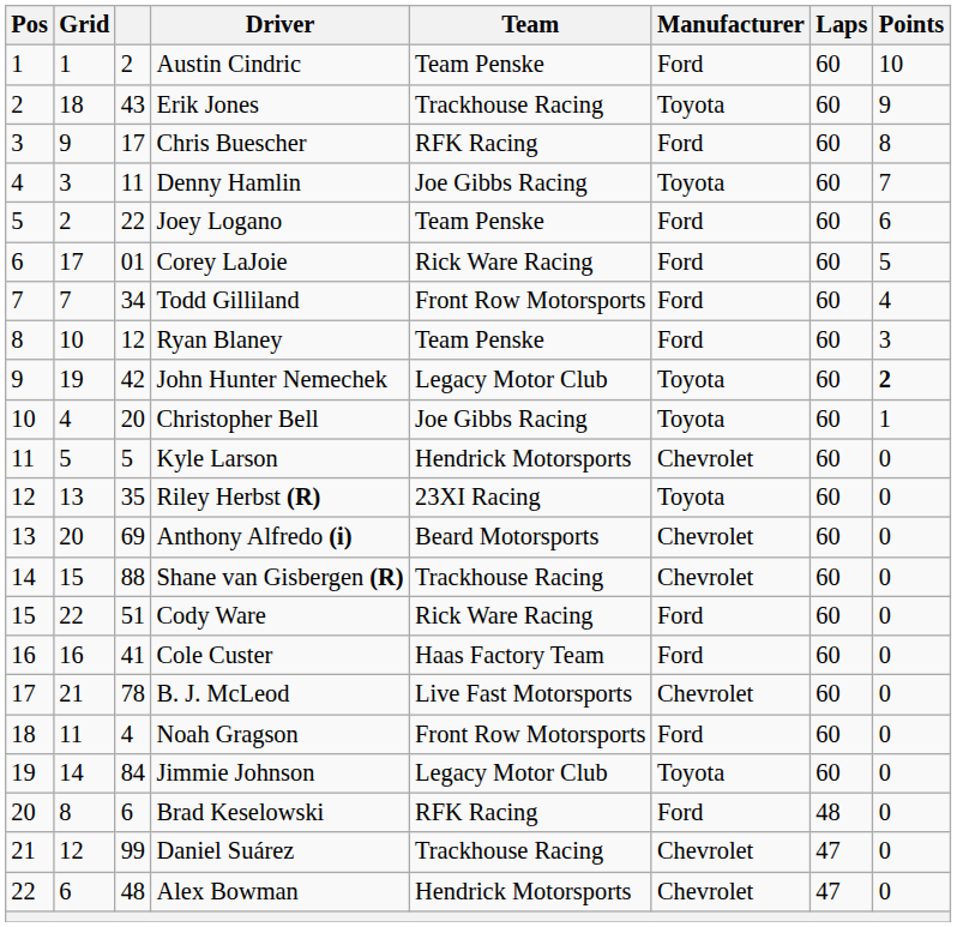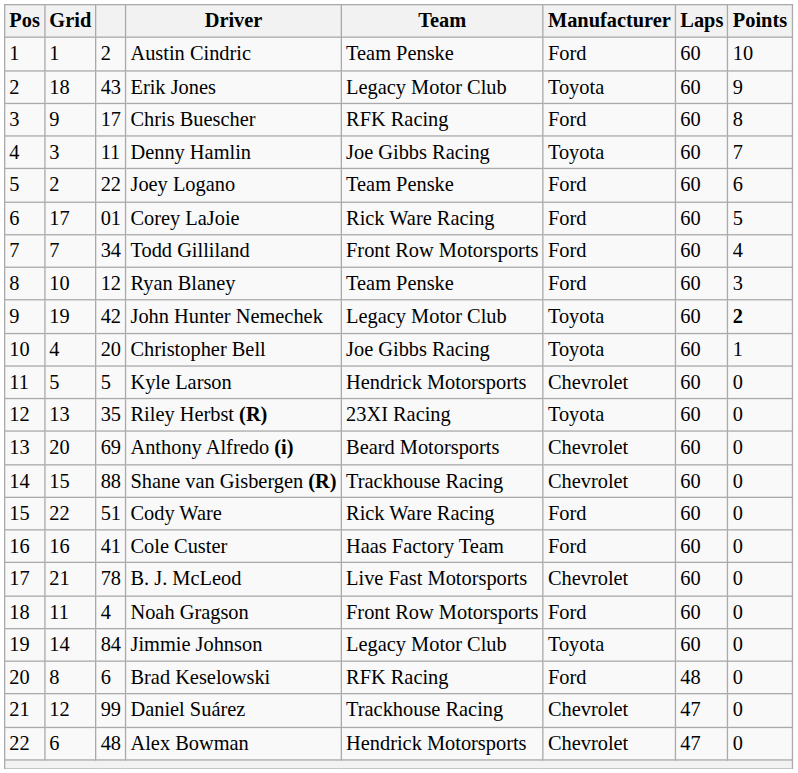 <table class="wikitable" style="font-size:98%">
 <tr>
 <th>Pos</th>
 <th>Grid</th>
 <th></th>
 <th>Driver</th>
 <th>Team</th>
 <th>Manufacturer</th>
 <th>Laps</th>
 <th>Points</th>
 </tr>
 <tr>
 <td>1</td>
 <td>1</td>
 <td>2</td>
 <td>Austin Cindric</td>
 <td>Team Penske</td>
 <td>Ford</td>
 <td>60</td>
 <td>10</td>
 </tr>
 <tr>
 <td>2</td>
 <td>18</td>
 <td>43</td>
 <td>Erik Jones</td>
-<td>Trackhouse Racing</td>
+<td>Legacy Motor Club</td>
 <td>Toyota</td>
 <td>60</td>
 <td>9</td>
 </tr>
 <tr>
 <td>3</td>
 <td>9</td>
 <td>17</td>
 <td>Chris Buescher</td>
 <td>RFK Racing</td>
 <td>Ford</td>
 <td>60</td>
 <td>8</td>
 </tr>
 <tr>
 <td>4</td>
 <td>3</td>
 <td>11</td>
 <td>Denny Hamlin</td>
 <td>Joe Gibbs Racing</td>
 <td>Toyota</td>
 <td>60</td>
 <td>7</td>
 </tr>
 <tr>
 <td>5</td>
 <td>2</td>
 <td>22</td>
 <td>Joey Logano</td>
 <td>Team Penske</td>
 <td>Ford</td>
 <td>60</td>
 <td>6</td>
 </tr>
 <tr>
 <td>6</td>
 <td>17</td>
 <td>01</td>
 <td>Corey LaJoie</td>
 <td>Rick Ware Racing</td>
 <td>Ford</td>
 <td>60</td>
 <td>5</td>
 </tr>
 <tr>
 <td>7</td>
 <td>7</td>
 <td>34</td>
 <td>Todd Gilliland</td>
 <td>Front Row Motorsports</td>
 <td>Ford</td>
 <td>60</td>
 <td>4</td>
 </tr>
 <tr>
 <td>8</td>
 <td>10</td>
 <td>12</td>
 <td>Ryan Blaney</td>
 <td>Team Penske</td>
 <td>Ford</td>
 <td>60</td>
 <td>3</td>
 </tr>
 <tr>
 <td>9</td>
 <td>19</td>
 <td>42</td>
 <td>John Hunter Nemechek</td>
 <td>Legacy Motor Club</td>
 <td>Toyota</td>
 <td>60</td>
 <td><strong>2</strong></td>
 </tr>
 <tr>
 <td>10</td>
 <td>4</td>
 <td>20</td>
 <td>Christopher Bell</td>
 <td>Joe Gibbs Racing</td>
 <td>Toyota</td>
 <td>60</td>
 <td>1</td>
 </tr>
 <tr>
 <td>11</td>
 <td>5</td>
 <td>5</td>
 <td>Kyle Larson</td>
 <td>Hendrick Motorsports</td>
 <td>Chevrolet</td>
 <td>60</td>
 <td>0</td>
 </tr>
 <tr>
 <td>12</td>
 <td>13</td>
 <td>35</td>
 <td>Riley Herbst <strong>(R)</strong></td>
 <td>23XI Racing</td>
 <td>Toyota</td>
 <td>60</td>
 <td>0</td>
 </tr>
 <tr>
 <td>13</td>
 <td>20</td>
 <td>69</td>
 <td>Anthony Alfredo <strong>(i)</strong></td>
 <td>Beard Motorsports</td>
 <td>Chevrolet</td>
 <td>60</td>
 <td>0</td>
 </tr>
 <tr>
 <td>14</td>
 <td>15</td>
 <td>88</td>
 <td>Shane van Gisbergen <strong>(R)</strong></td>
 <td>Trackhouse Racing</td>
 <td>Chevrolet</td>
 <td>60</td>
 <td>0</td>
 </tr>
 <tr>
 <td>15</td>
 <td>22</td>
 <td>51</td>
 <td>Cody Ware</td>
 <td>Rick Ware Racing</td>
 <td>Ford</td>
 <td>60</td>
 <td>0</td>
 </tr>
 <tr>
 <td>16</td>
 <td>16</td>
 <td>41</td>
 <td>Cole Custer</td>
 <td>Haas Factory Team</td>
 <td>Ford</td>
 <td>60</td>
 <td>0</td>
 </tr>
 <tr>
 <td>17</td>
 <td>21</td>
 <td>78</td>
 <td>B. J. McLeod</td>
 <td>Live Fast Motorsports</td>
 <td>Chevrolet</td>
 <td>60</td>
 <td>0</td>
 </tr>
 <tr>
 <td>18</td>
 <td>11</td>
 <td>4</td>
 <td>Noah Gragson</td>
 <td>Front Row Motorsports</td>
 <td>Ford</td>
 <td>60</td>
 <td>0</td>
 </tr>
 <tr>
 <td>19</td>
 <td>14</td>
 <td>84</td>
 <td>Jimmie Johnson</td>
 <td>Legacy Motor Club</td>
 <td>Toyota</td>
 <td>60</td>
 <td>0</td>
 </tr>
 <tr>
 <td>20</td>
 <td>8</td>
 <td>6</td>
 <td>Brad Keselowski</td>
 <td>RFK Racing</td>
 <td>Ford</td>
 <td>48</td>
 <td>0</td>
 </tr>
 <tr>
 <td>21</td>
 <td>12</td>
 <td>99</td>
 <td>Daniel Suárez</td>
 <td>Trackhouse Racing</td>
 <td>Chevrolet</td>
 <td>47</td>
 <td>0</td>
 </tr>
 <tr>
 <td>22</td>
 <td>6</td>
 <td>48</td>
 <td>Alex Bowman</td>
 <td>Hendrick Motorsports</td>
 <td>Chevrolet</td>
 <td>47</td>
 <td>0</td>
 </tr>
 <tr>
 <th colspan="8"></th>
 </tr>
 </table>
